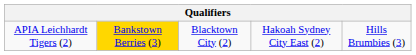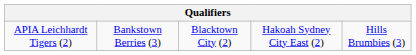 <table class="wikitable" style="text-align:center">
 <tr>
 <th colspan=5>Qualifiers</th>
 </tr>
 <tr>
 <td><a href='#'>APIA Leichhardt Tigers</a> (<a href='#'>2</a>)</td>
-<td style="background: gold;"><a href='#'>Bankstown Berries</a> (<a href='#'>3</a>)</td>
+<td><a href='#'>Bankstown Berries</a> (<a href='#'>3</a>)</td>
 <td><a href='#'>Blacktown City</a> (<a href='#'>2</a>)</td>
 <td><a href='#'>Hakoah Sydney City East</a> (<a href='#'>2</a>)</td>
 <td><a href='#'>Hills Brumbies</a> (<a href='#'>3</a>)</td>
 </tr>
 </table>
